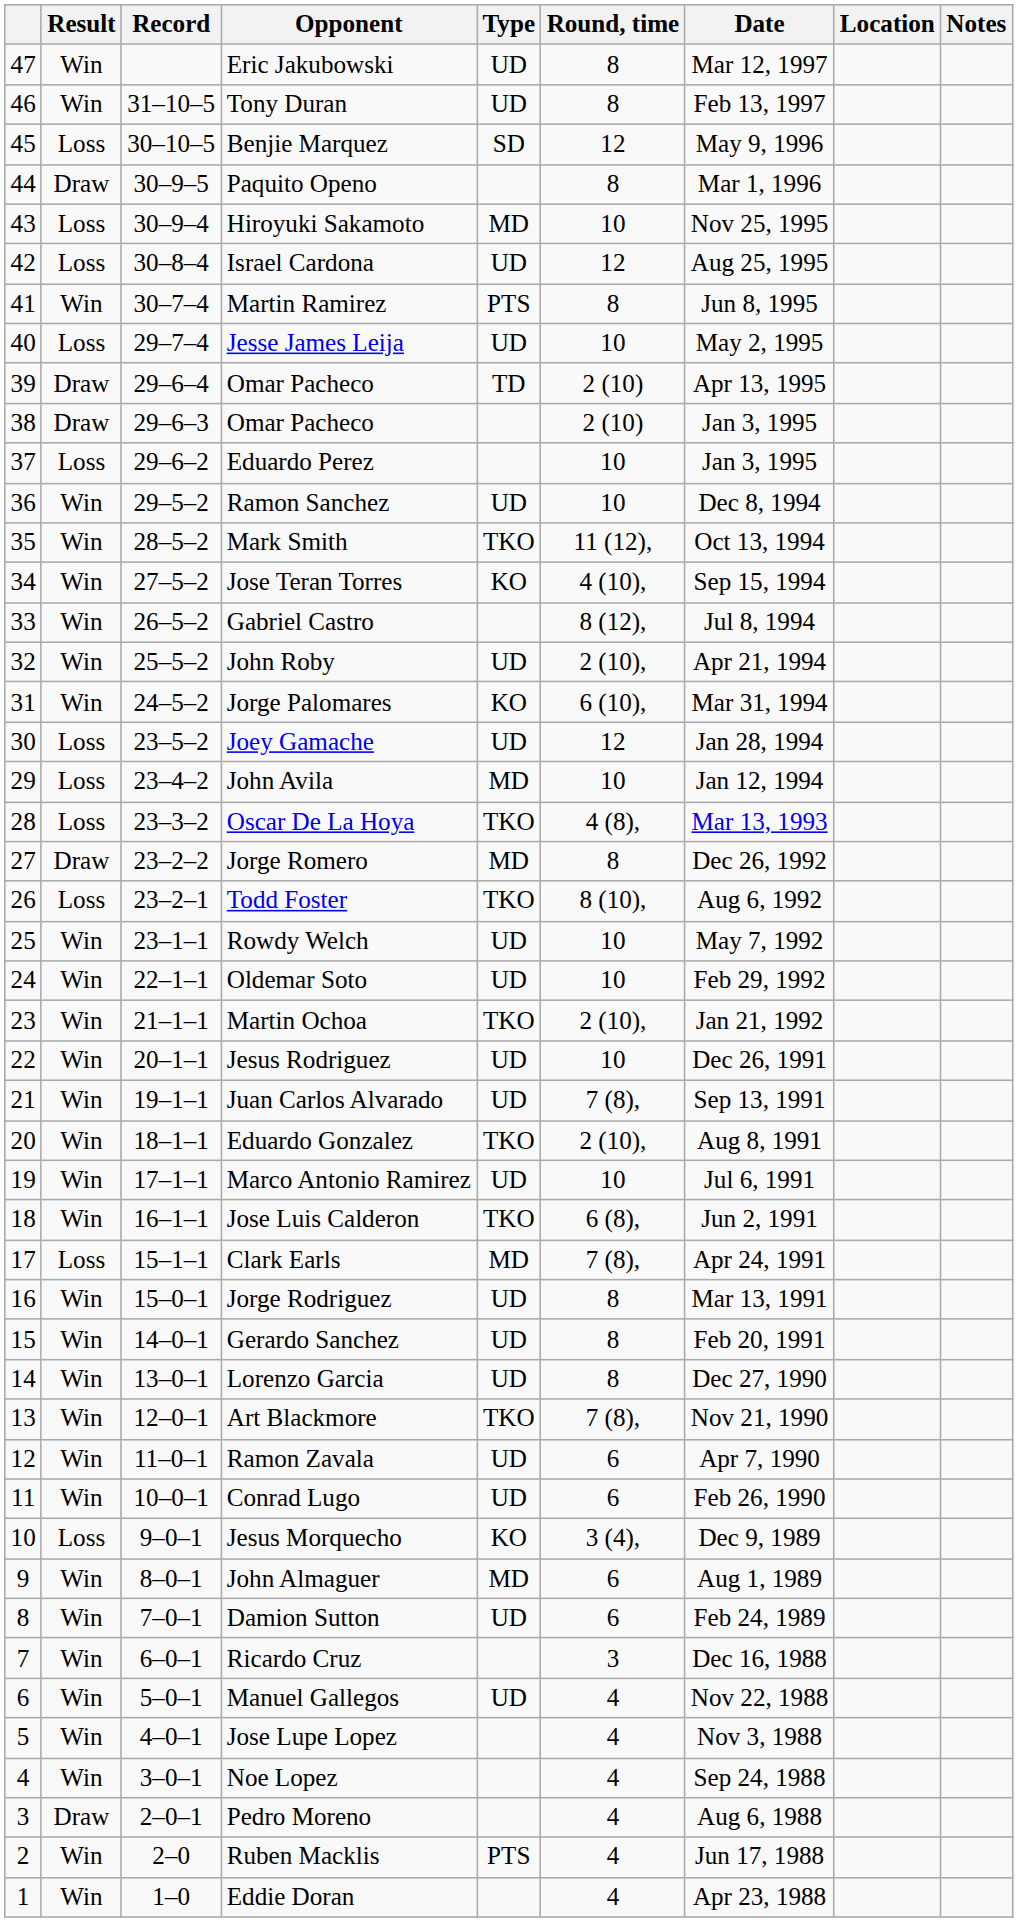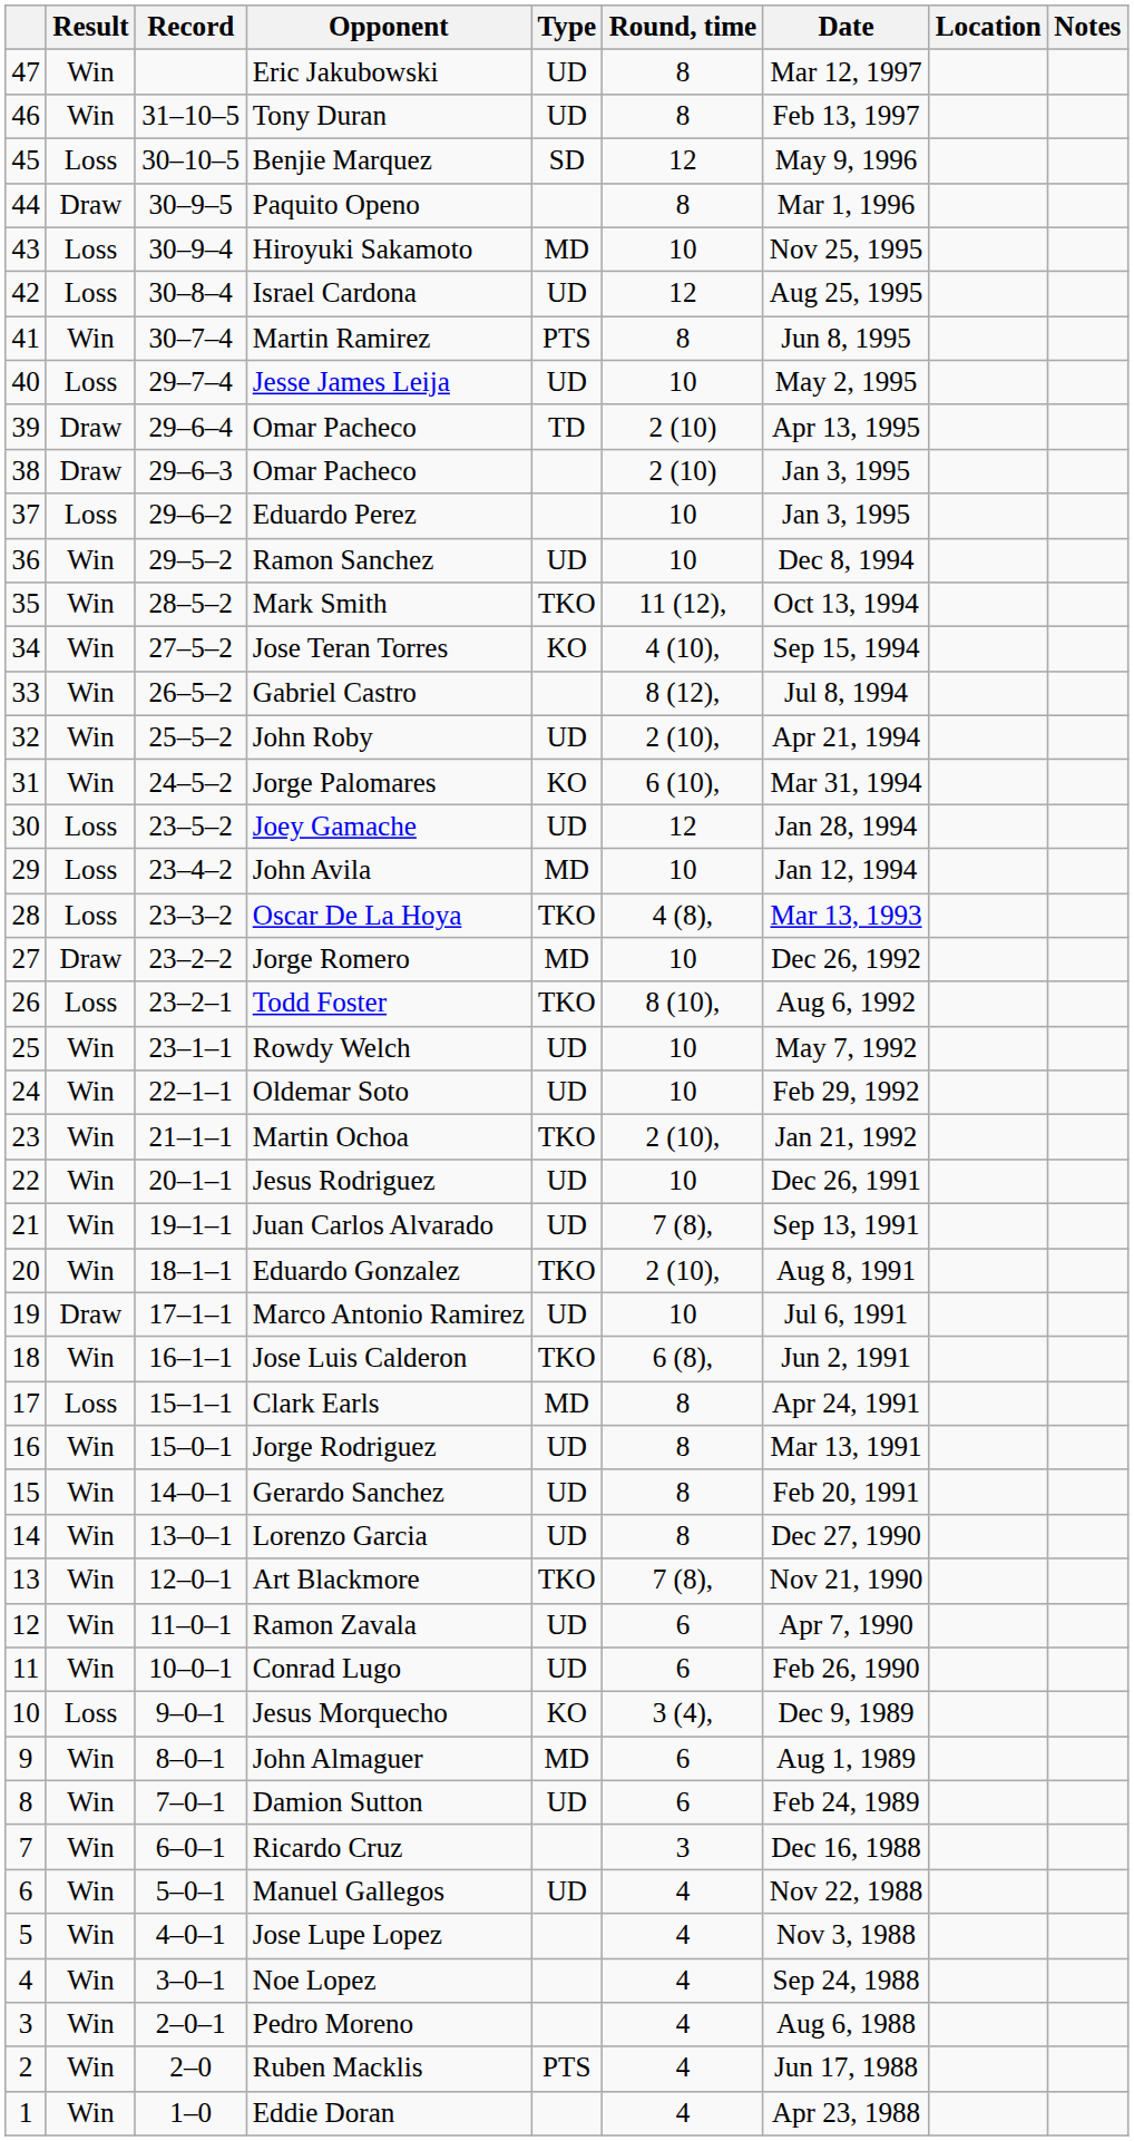 <table class="wikitable" style="text-align:center">
 <tr>
 <th></th>
 <th>Result</th>
 <th>Record</th>
 <th>Opponent</th>
 <th>Type</th>
 <th>Round, time</th>
 <th>Date</th>
 <th>Location</th>
 <th>Notes</th>
 </tr>
 <tr>
 <td>47</td>
 <td>Win</td>
 <td></td>
 <td style="text-align:left;">Eric Jakubowski</td>
 <td>UD</td>
 <td>8</td>
 <td>Mar 12, 1997</td>
 <td style="text-align:left;"></td>
 <td></td>
 </tr>
 <tr>
 <td>46</td>
 <td>Win</td>
 <td>31–10–5</td>
 <td style="text-align:left;">Tony Duran</td>
 <td>UD</td>
 <td>8</td>
 <td>Feb 13, 1997</td>
 <td style="text-align:left;"></td>
 <td></td>
 </tr>
 <tr>
 <td>45</td>
 <td>Loss</td>
 <td>30–10–5</td>
 <td style="text-align:left;">Benjie Marquez</td>
 <td>SD</td>
 <td>12</td>
 <td>May 9, 1996</td>
 <td style="text-align:left;"></td>
 <td style="text-align:left;"></td>
 </tr>
 <tr>
 <td>44</td>
 <td>Draw</td>
 <td>30–9–5</td>
 <td style="text-align:left;">Paquito Openo</td>
 <td></td>
 <td>8</td>
 <td>Mar 1, 1996</td>
 <td style="text-align:left;"></td>
 <td></td>
 </tr>
 <tr>
 <td>43</td>
 <td>Loss</td>
 <td>30–9–4</td>
 <td style="text-align:left;">Hiroyuki Sakamoto</td>
 <td>MD</td>
 <td>10</td>
 <td>Nov 25, 1995</td>
 <td style="text-align:left;"></td>
 <td></td>
 </tr>
 <tr>
 <td>42</td>
 <td>Loss</td>
 <td>30–8–4</td>
 <td style="text-align:left;">Israel Cardona</td>
 <td>UD</td>
 <td>12</td>
 <td>Aug 25, 1995</td>
 <td style="text-align:left;"></td>
 <td style="text-align:left;"></td>
 </tr>
 <tr>
 <td>41</td>
 <td>Win</td>
 <td>30–7–4</td>
 <td style="text-align:left;">Martin Ramirez</td>
 <td>PTS</td>
 <td>8</td>
 <td>Jun 8, 1995</td>
 <td style="text-align:left;"></td>
 <td></td>
 </tr>
 <tr>
 <td>40</td>
 <td>Loss</td>
 <td>29–7–4</td>
 <td style="text-align:left;"><a href='#'>Jesse James Leija</a></td>
 <td>UD</td>
 <td>10</td>
 <td>May 2, 1995</td>
 <td style="text-align:left;"></td>
 <td></td>
 </tr>
 <tr>
 <td>39</td>
 <td>Draw</td>
 <td>29–6–4</td>
 <td style="text-align:left;">Omar Pacheco</td>
 <td>TD</td>
 <td>2 (10)</td>
 <td>Apr 13, 1995</td>
 <td style="text-align:left;"></td>
 <td style="text-align:left;"></td>
 </tr>
 <tr>
 <td>38</td>
 <td>Draw</td>
 <td>29–6–3</td>
 <td style="text-align:left;">Omar Pacheco</td>
 <td></td>
 <td>2 (10)</td>
 <td>Jan 3, 1995</td>
 <td style="text-align:left;"></td>
 <td style="text-align:left;"></td>
 </tr>
 <tr>
 <td>37</td>
 <td>Loss</td>
 <td>29–6–2</td>
 <td style="text-align:left;">Eduardo Perez</td>
 <td></td>
 <td>10</td>
 <td>Jan 3, 1995</td>
 <td style="text-align:left;"></td>
 <td></td>
 </tr>
 <tr>
 <td>36</td>
 <td>Win</td>
 <td>29–5–2</td>
 <td style="text-align:left;">Ramon Sanchez</td>
 <td>UD</td>
 <td>10</td>
 <td>Dec 8, 1994</td>
 <td style="text-align:left;"></td>
 <td></td>
 </tr>
 <tr>
 <td>35</td>
 <td>Win</td>
 <td>28–5–2</td>
 <td style="text-align:left;">Mark Smith</td>
 <td>TKO</td>
 <td>11 (12), </td>
 <td>Oct 13, 1994</td>
 <td style="text-align:left;"></td>
 <td style="text-align:left;"></td>
 </tr>
 <tr>
 <td>34</td>
 <td>Win</td>
 <td>27–5–2</td>
 <td style="text-align:left;">Jose Teran Torres</td>
 <td>KO</td>
 <td>4 (10), </td>
 <td>Sep 15, 1994</td>
 <td style="text-align:left;"></td>
 <td></td>
 </tr>
 <tr>
 <td>33</td>
 <td>Win</td>
 <td>26–5–2</td>
 <td style="text-align:left;">Gabriel Castro</td>
 <td></td>
 <td>8 (12), </td>
 <td>Jul 8, 1994</td>
 <td style="text-align:left;"></td>
 <td style="text-align:left;"></td>
 </tr>
 <tr>
 <td>32</td>
 <td>Win</td>
 <td>25–5–2</td>
 <td style="text-align:left;">John Roby</td>
 <td>UD</td>
 <td>2 (10), </td>
 <td>Apr 21, 1994</td>
 <td style="text-align:left;"></td>
 <td style="text-align:left;"></td>
 </tr>
 <tr>
 <td>31</td>
 <td>Win</td>
 <td>24–5–2</td>
 <td style="text-align:left;">Jorge Palomares</td>
 <td>KO</td>
 <td>6 (10), </td>
 <td>Mar 31, 1994</td>
 <td style="text-align:left;"></td>
 <td></td>
 </tr>
 <tr>
 <td>30</td>
 <td>Loss</td>
 <td>23–5–2</td>
 <td style="text-align:left;"><a href='#'>Joey Gamache</a></td>
 <td>UD</td>
 <td>12</td>
 <td>Jan 28, 1994</td>
 <td style="text-align:left;"></td>
 <td style="text-align:left;"></td>
 </tr>
 <tr>
 <td>29</td>
 <td>Loss</td>
 <td>23–4–2</td>
 <td style="text-align:left;">John Avila</td>
 <td>MD</td>
 <td>10</td>
 <td>Jan 12, 1994</td>
 <td style="text-align:left;"></td>
 <td></td>
 </tr>
 <tr>
 <td>28</td>
 <td>Loss</td>
 <td>23–3–2</td>
 <td style="text-align:left;"><a href='#'>Oscar De La Hoya</a></td>
 <td>TKO</td>
 <td>4 (8), </td>
 <td><a href='#'>Mar 13, 1993</a></td>
 <td style="text-align:left;"></td>
 <td></td>
 </tr>
 <tr>
 <td>27</td>
 <td>Draw</td>
 <td>23–2–2</td>
 <td style="text-align:left;">Jorge Romero</td>
 <td>MD</td>
-<td>8</td>
+<td>10</td>
 <td>Dec 26, 1992</td>
 <td style="text-align:left;"></td>
 <td></td>
 </tr>
 <tr>
 <td>26</td>
 <td>Loss</td>
 <td>23–2–1</td>
 <td style="text-align:left;"><a href='#'>Todd Foster</a></td>
 <td>TKO</td>
 <td>8 (10), </td>
 <td>Aug 6, 1992</td>
 <td style="text-align:left;"></td>
 <td></td>
 </tr>
 <tr>
 <td>25</td>
 <td>Win</td>
 <td>23–1–1</td>
 <td style="text-align:left;">Rowdy Welch</td>
 <td>UD</td>
 <td>10</td>
 <td>May 7, 1992</td>
 <td style="text-align:left;"></td>
 <td></td>
 </tr>
 <tr>
 <td>24</td>
 <td>Win</td>
 <td>22–1–1</td>
 <td style="text-align:left;">Oldemar Soto</td>
 <td>UD</td>
 <td>10</td>
 <td>Feb 29, 1992</td>
 <td style="text-align:left;"></td>
 <td></td>
 </tr>
 <tr>
 <td>23</td>
 <td>Win</td>
 <td>21–1–1</td>
 <td style="text-align:left;">Martin Ochoa</td>
 <td>TKO</td>
 <td>2 (10), </td>
 <td>Jan 21, 1992</td>
 <td style="text-align:left;"></td>
 <td></td>
 </tr>
 <tr>
 <td>22</td>
 <td>Win</td>
 <td>20–1–1</td>
 <td style="text-align:left;">Jesus Rodriguez</td>
 <td>UD</td>
 <td>10</td>
 <td>Dec 26, 1991</td>
 <td style="text-align:left;"></td>
 <td></td>
 </tr>
 <tr>
 <td>21</td>
 <td>Win</td>
 <td>19–1–1</td>
 <td style="text-align:left;">Juan Carlos Alvarado</td>
 <td>UD</td>
 <td>7 (8), </td>
 <td>Sep 13, 1991</td>
 <td style="text-align:left;"></td>
 <td></td>
 </tr>
 <tr>
 <td>20</td>
 <td>Win</td>
 <td>18–1–1</td>
 <td style="text-align:left;">Eduardo Gonzalez</td>
 <td>TKO</td>
 <td>2 (10), </td>
 <td>Aug 8, 1991</td>
 <td style="text-align:left;"></td>
 <td></td>
 </tr>
 <tr>
 <td>19</td>
-<td>Win</td>
+<td>Draw</td>
 <td>17–1–1</td>
 <td style="text-align:left;">Marco Antonio Ramirez</td>
 <td>UD</td>
 <td>10</td>
 <td>Jul 6, 1991</td>
 <td style="text-align:left;"></td>
 <td></td>
 </tr>
 <tr>
 <td>18</td>
 <td>Win</td>
 <td>16–1–1</td>
 <td style="text-align:left;">Jose Luis Calderon</td>
 <td>TKO</td>
 <td>6 (8), </td>
 <td>Jun 2, 1991</td>
 <td style="text-align:left;"></td>
 <td></td>
 </tr>
 <tr>
 <td>17</td>
 <td>Loss</td>
 <td>15–1–1</td>
 <td style="text-align:left;">Clark Earls</td>
 <td>MD</td>
-<td>7 (8), </td>
+<td>8</td>
 <td>Apr 24, 1991</td>
 <td style="text-align:left;"></td>
 <td></td>
 </tr>
 <tr>
 <td>16</td>
 <td>Win</td>
 <td>15–0–1</td>
 <td style="text-align:left;">Jorge Rodriguez</td>
 <td>UD</td>
 <td>8</td>
 <td>Mar 13, 1991</td>
 <td style="text-align:left;"></td>
 <td></td>
 </tr>
 <tr>
 <td>15</td>
 <td>Win</td>
 <td>14–0–1</td>
 <td style="text-align:left;">Gerardo Sanchez</td>
 <td>UD</td>
 <td>8</td>
 <td>Feb 20, 1991</td>
 <td style="text-align:left;"></td>
 <td></td>
 </tr>
 <tr>
 <td>14</td>
 <td>Win</td>
 <td>13–0–1</td>
 <td style="text-align:left;">Lorenzo Garcia</td>
 <td>UD</td>
 <td>8</td>
 <td>Dec 27, 1990</td>
 <td style="text-align:left;"></td>
 <td></td>
 </tr>
 <tr>
 <td>13</td>
 <td>Win</td>
 <td>12–0–1</td>
 <td style="text-align:left;">Art Blackmore</td>
 <td>TKO</td>
 <td>7 (8), </td>
 <td>Nov 21, 1990</td>
 <td style="text-align:left;"></td>
 <td></td>
 </tr>
 <tr>
 <td>12</td>
 <td>Win</td>
 <td>11–0–1</td>
 <td style="text-align:left;">Ramon Zavala</td>
 <td>UD</td>
 <td>6</td>
 <td>Apr 7, 1990</td>
 <td style="text-align:left;"></td>
 <td></td>
 </tr>
 <tr>
 <td>11</td>
 <td>Win</td>
 <td>10–0–1</td>
 <td style="text-align:left;">Conrad Lugo</td>
 <td>UD</td>
 <td>6</td>
 <td>Feb 26, 1990</td>
 <td style="text-align:left;"></td>
 <td></td>
 </tr>
 <tr>
 <td>10</td>
 <td>Loss</td>
 <td>9–0–1</td>
 <td style="text-align:left;">Jesus Morquecho</td>
 <td>KO</td>
 <td>3 (4), </td>
 <td>Dec 9, 1989</td>
 <td style="text-align:left;"></td>
 <td></td>
 </tr>
 <tr>
 <td>9</td>
 <td>Win</td>
 <td>8–0–1</td>
 <td style="text-align:left;">John Almaguer</td>
 <td>MD</td>
 <td>6</td>
 <td>Aug 1, 1989</td>
 <td style="text-align:left;"></td>
 <td></td>
 </tr>
 <tr>
 <td>8</td>
 <td>Win</td>
 <td>7–0–1</td>
 <td style="text-align:left;">Damion Sutton</td>
 <td>UD</td>
 <td>6</td>
 <td>Feb 24, 1989</td>
 <td style="text-align:left;"></td>
 <td></td>
 </tr>
 <tr>
 <td>7</td>
 <td>Win</td>
 <td>6–0–1</td>
 <td style="text-align:left;">Ricardo Cruz</td>
 <td></td>
 <td>3</td>
 <td>Dec 16, 1988</td>
 <td style="text-align:left;"></td>
 <td></td>
 </tr>
 <tr>
 <td>6</td>
 <td>Win</td>
 <td>5–0–1</td>
 <td style="text-align:left;">Manuel Gallegos</td>
 <td>UD</td>
 <td>4</td>
 <td>Nov 22, 1988</td>
 <td style="text-align:left;"></td>
 <td></td>
 </tr>
 <tr>
 <td>5</td>
 <td>Win</td>
 <td>4–0–1</td>
 <td style="text-align:left;">Jose Lupe Lopez</td>
 <td></td>
 <td>4</td>
 <td>Nov 3, 1988</td>
 <td style="text-align:left;"></td>
 <td></td>
 </tr>
 <tr>
 <td>4</td>
 <td>Win</td>
 <td>3–0–1</td>
 <td style="text-align:left;">Noe Lopez</td>
 <td></td>
 <td>4</td>
 <td>Sep 24, 1988</td>
 <td style="text-align:left;"></td>
 <td></td>
 </tr>
 <tr>
 <td>3</td>
-<td>Draw</td>
+<td>Win</td>
 <td>2–0–1</td>
 <td style="text-align:left;">Pedro Moreno</td>
 <td></td>
 <td>4</td>
 <td>Aug 6, 1988</td>
 <td style="text-align:left;"></td>
 <td></td>
 </tr>
 <tr>
 <td>2</td>
 <td>Win</td>
 <td>2–0</td>
 <td style="text-align:left;">Ruben Macklis</td>
 <td>PTS</td>
 <td>4</td>
 <td>Jun 17, 1988</td>
 <td style="text-align:left;"></td>
 <td></td>
 </tr>
 <tr>
 <td>1</td>
 <td>Win</td>
 <td>1–0</td>
 <td style="text-align:left;">Eddie Doran</td>
 <td></td>
 <td>4</td>
 <td>Apr 23, 1988</td>
 <td style="text-align:left;"></td>
 <td></td>
 </tr>
 </table>
